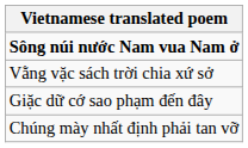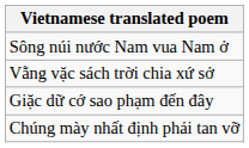 <table class="wikitable">
 <tr>
 <th>Vietnamese translated poem</th>
 </tr>
 <tr>
-<td><strong>Sông núi nước Nam vua Nam ở</strong></td>
+<td>Sông núi nước Nam vua Nam ở</td>
 </tr>
 <tr>
 <td>Vằng vặc sách trời chia xứ sở</td>
 </tr>
 <tr>
 <td>Giặc dữ cớ sao phạm đến đây</td>
 </tr>
 <tr>
 <td>Chúng mày nhất định phải tan vỡ</td>
 </tr>
 </table>
